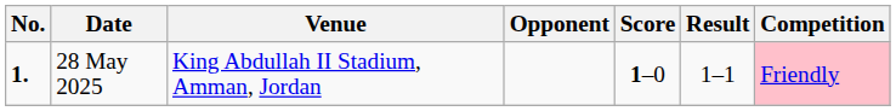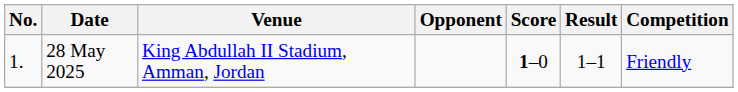 <table class="wikitable">
 <tr>
 <th>No.</th>
 <th>Date</th>
 <th>Venue</th>
 <th>Opponent</th>
 <th>Score</th>
 <th>Result</th>
 <th>Competition</th>
 </tr>
 <tr>
-<td><strong>1.</strong></td>
+<td>1.</td>
 <td>28 May 2025</td>
 <td><a href='#'>King Abdullah II Stadium</a>, <a href='#'>Amman</a>, <a href='#'>Jordan</a></td>
 <td></td>
 <td align=center><strong>1</strong>–0</td>
 <td align=center>1–1</td>
-<td style="background: pink;"><a href='#'>Friendly</a></td>
+<td><a href='#'>Friendly</a></td>
 </tr>
 <tr>
 </tr>
 </table>
